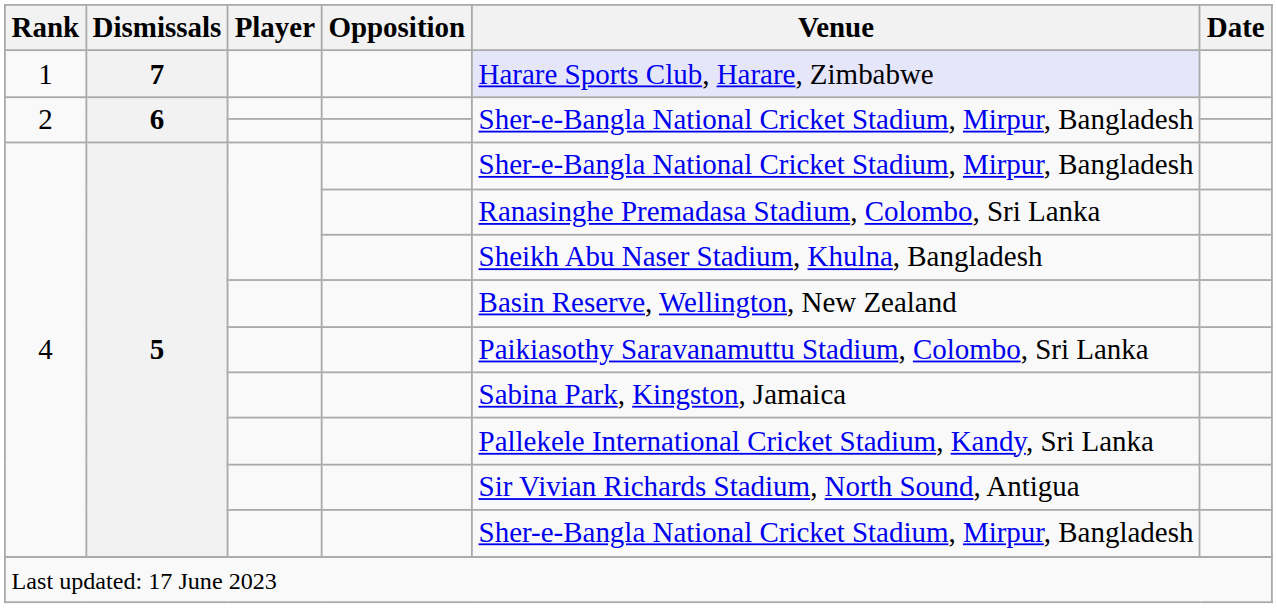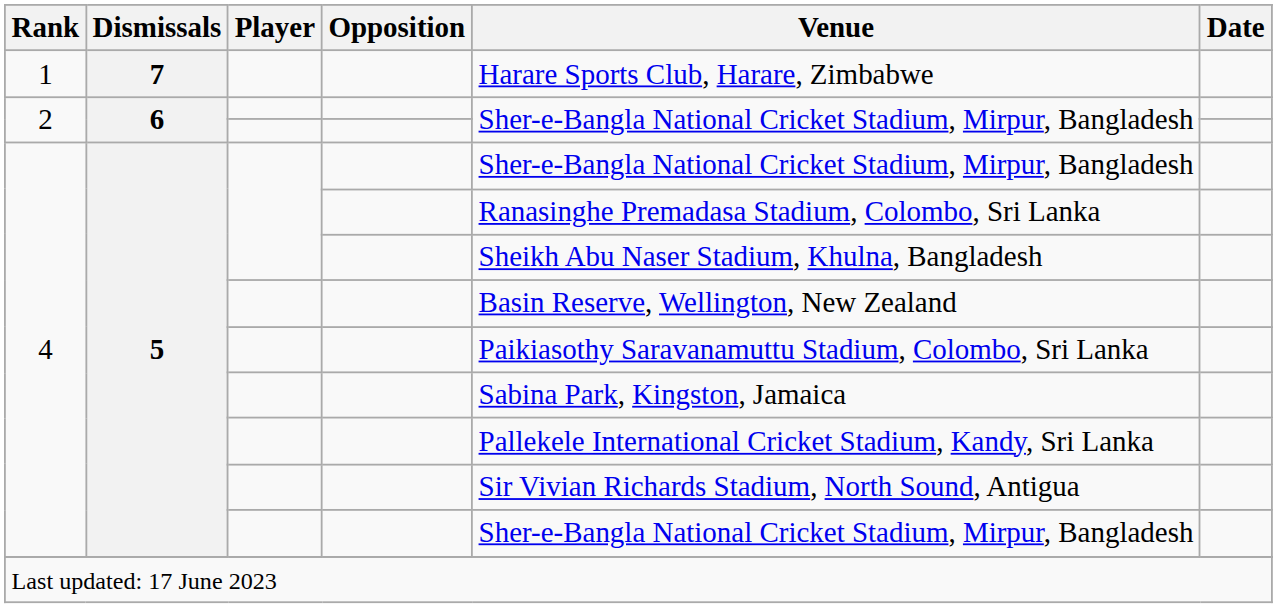 <table class="wikitable plainrowheaders sortable">
 <tr>
 <th scope=col>Rank</th>
 <th scope=col>Dismissals</th>
 <th scope=col>Player</th>
 <th scope=col>Opposition</th>
 <th scope=col>Venue</th>
 <th scope=col>Date</th>
 </tr>
 <tr>
 <td align=center>1</td>
 <th scope=row style=text-align:center;>7</th>
 <td></td>
 <td></td>
-<td style="background: lavender;"><a href='#'>Harare Sports Club</a>, <a href='#'>Harare</a>, Zimbabwe</td>
+<td><a href='#'>Harare Sports Club</a>, <a href='#'>Harare</a>, Zimbabwe</td>
 <td></td>
 </tr>
 <tr>
 <td align=center rowspan=2>2</td>
 <th scope=row style=text-align:center; rowspan=2>6</th>
 <td></td>
 <td></td>
 <td rowspan=2><a href='#'>Sher-e-Bangla National Cricket Stadium</a>, <a href='#'>Mirpur</a>, Bangladesh</td>
 <td></td>
 </tr>
 <tr>
 <td></td>
 <td></td>
 <td></td>
 </tr>
 <tr>
 <td rowspan="9" align="center">4</td>
 <th rowspan="9" scope="row" style="text-align:center;">5</th>
 <td rowspan="3"></td>
 <td></td>
 <td><a href='#'>Sher-e-Bangla National Cricket Stadium</a>, <a href='#'>Mirpur</a>, Bangladesh</td>
 <td></td>
 </tr>
 <tr>
 <td></td>
 <td><a href='#'>Ranasinghe Premadasa Stadium</a>, <a href='#'>Colombo</a>, Sri Lanka</td>
 <td></td>
 </tr>
 <tr>
 <td></td>
 <td><a href='#'>Sheikh Abu Naser Stadium</a>, <a href='#'>Khulna</a>, Bangladesh</td>
 <td></td>
 </tr>
 <tr>
 <td></td>
 <td></td>
 <td><a href='#'>Basin Reserve</a>, <a href='#'>Wellington</a>, New Zealand</td>
 <td></td>
 </tr>
 <tr>
 <td></td>
 <td></td>
 <td><a href='#'>Paikiasothy Saravanamuttu Stadium</a>, <a href='#'>Colombo</a>, Sri Lanka</td>
 <td></td>
 </tr>
 <tr>
 <td></td>
 <td></td>
 <td><a href='#'>Sabina Park</a>, <a href='#'>Kingston</a>, Jamaica</td>
 <td></td>
 </tr>
 <tr>
 <td></td>
 <td></td>
 <td><a href='#'>Pallekele International Cricket Stadium</a>, <a href='#'>Kandy</a>, Sri Lanka</td>
 <td></td>
 </tr>
 <tr>
 <td></td>
 <td></td>
 <td><a href='#'>Sir Vivian Richards Stadium</a>, <a href='#'>North Sound</a>, Antigua</td>
 <td></td>
 </tr>
 <tr>
 <td></td>
 <td></td>
 <td><a href='#'>Sher-e-Bangla National Cricket Stadium</a>, <a href='#'>Mirpur</a>, Bangladesh</td>
 <td></td>
 </tr>
 <tr>
 </tr>
 <tr class="sortbottom">
 <td colspan="6"><small>Last updated: 17 June 2023</small></td>
 </tr>
 </table>
